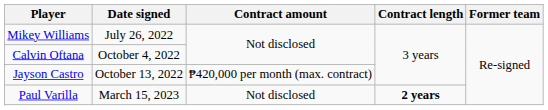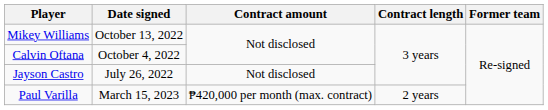 <table class="wikitable sortable sortable">
 <tr>
 <th>Player</th>
 <th>Date signed</th>
 <th>Contract amount</th>
 <th>Contract length</th>
 <th>Former team</th>
 </tr>
 <tr>
 <td align=center><a href='#'>Mikey Williams</a></td>
-<td align=center>July 26, 2022</td>
+<td align=center>October 13, 2022</td>
 <td align=center rowspan=2>Not disclosed</td>
 <td align=center rowspan=3>3 years</td>
 <td align=center rowspan=4>Re-signed</td>
 </tr>
 <tr>
 <td align=center><a href='#'>Calvin Oftana</a></td>
 <td align=center>October 4, 2022</td>
 </tr>
 <tr>
 <td align=center><a href='#'>Jayson Castro</a></td>
-<td align=center>October 13, 2022</td>
-<td align=center>₱420,000 per month (max. contract)</td>
+<td align=center>July 26, 2022</td>
+<td align=center>Not disclosed</td>
 </tr>
 <tr>
 <td align=center><a href='#'>Paul Varilla</a></td>
 <td align=center>March 15, 2023</td>
-<td align=center>Not disclosed</td>
-<td align=center><strong>2 years</strong></td>
+<td align=center>₱420,000 per month (max. contract)</td>
+<td align=center>2 years</td>
 </tr>
 </table>
